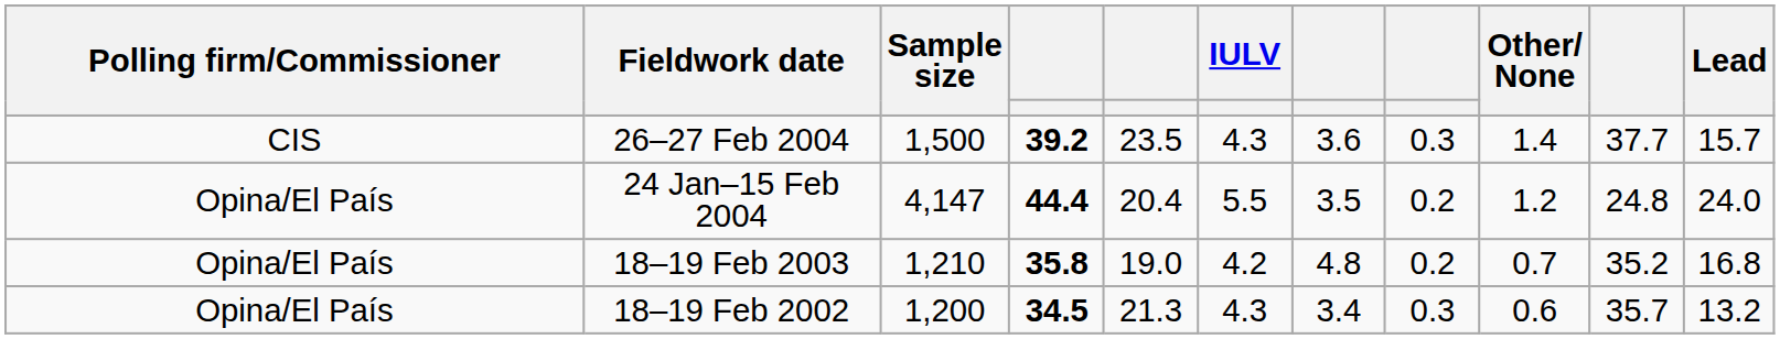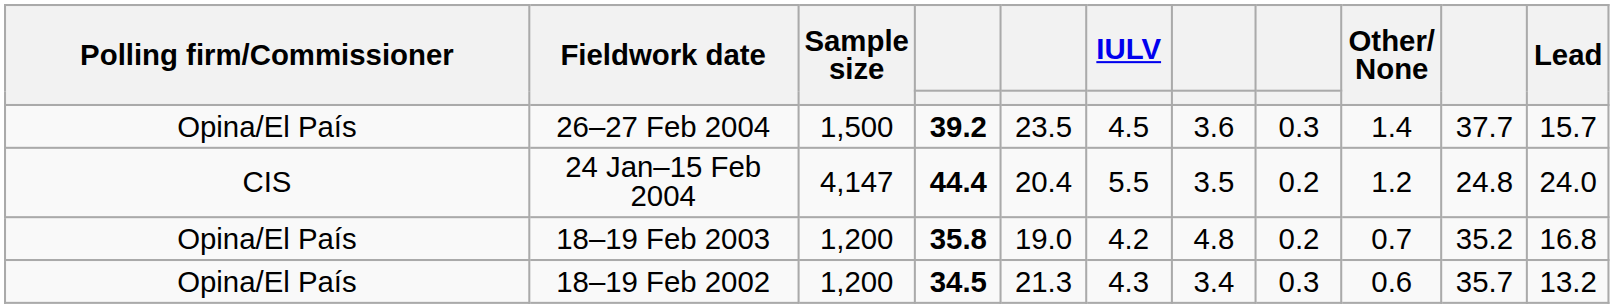 <table class="wikitable collapsible collapsed" style="text-align:center; font-size:90%; line-height:14px;">
 <tr style="height:42px;">
 <th style="width:250px;" rowspan="2">Polling firm/Commissioner</th>
 <th style="width:125px;" rowspan="2">Fieldwork date</th>
 <th style="width:50px;" rowspan="2">Sample size</th>
 <th style="width:35px;"></th>
 <th style="width:35px;"></th>
 <th style="width:35px;"><a href='#'>IULV</a></th>
 <th style="width:35px;"></th>
 <th style="width:35px;"></th>
 <th style="width:35px;" rowspan="2">Other/<br>None</th>
 <th style="width:35px;" rowspan="2"></th>
 <th style="width:30px;" rowspan="2">Lead</th>
 </tr>
 <tr>
 <th style="color:inherit;background:"></th>
 <th style="color:inherit;background:"></th>
 <th style="color:inherit;background:"></th>
 <th style="color:inherit;background:"></th>
 <th style="color:inherit;background:"></th>
 </tr>
 <tr>
-<td>CIS</td>
+<td>Opina/El País</td>
 <td>26–27 Feb 2004</td>
 <td>1,500</td>
 <td><strong>39.2</strong></td>
 <td>23.5</td>
-<td>4.3</td>
+<td>4.5</td>
 <td>3.6</td>
 <td>0.3</td>
 <td>1.4</td>
 <td>37.7</td>
 <td style="background:">15.7</td>
 </tr>
 <tr>
-<td>Opina/El País</td>
+<td>CIS</td>
 <td>24 Jan–15 Feb 2004</td>
 <td>4,147</td>
 <td><strong>44.4</strong></td>
 <td>20.4</td>
 <td>5.5</td>
 <td>3.5</td>
 <td>0.2</td>
 <td>1.2</td>
 <td>24.8</td>
 <td style="background:">24.0</td>
 </tr>
 <tr>
 <td>Opina/El País</td>
 <td>18–19 Feb 2003</td>
-<td>1,210</td>
+<td>1,200</td>
 <td><strong>35.8</strong></td>
 <td>19.0</td>
 <td>4.2</td>
 <td>4.8</td>
 <td>0.2</td>
 <td>0.7</td>
 <td>35.2</td>
 <td style="background:">16.8</td>
 </tr>
 <tr>
 <td>Opina/El País</td>
 <td>18–19 Feb 2002</td>
 <td>1,200</td>
 <td><strong>34.5</strong></td>
 <td>21.3</td>
 <td>4.3</td>
 <td>3.4</td>
 <td>0.3</td>
 <td>0.6</td>
 <td>35.7</td>
 <td style="background:">13.2</td>
 </tr>
 </table>
